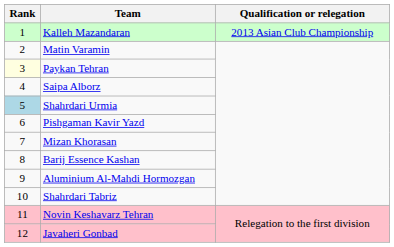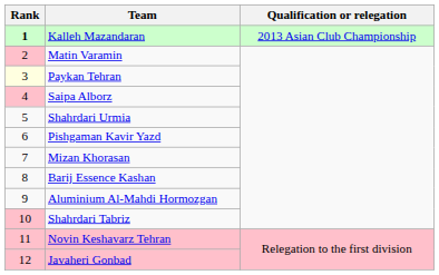 <table class="wikitable" style="text-align:center; font-size:90%">
 <tr>
 <th width=40>Rank</th>
 <th width=220>Team</th>
 <th width=220>Qualification or relegation</th>
 </tr>
 <tr bgcolor=ccffcc>
-<td>1</td>
+<td><strong>1</strong></td>
 <td align="left"><a href='#'>Kalleh Mazandaran</a></td>
 <td><a href='#'>2013 Asian Club Championship</a></td>
 </tr>
 <tr>
-<td>2</td>
+<td style="background: pink;">2</td>
 <td align="left"><a href='#'>Matin Varamin</a></td>
 <td rowspan=9></td>
 </tr>
 <tr>
 <td style="background: lightyellow;">3</td>
 <td align="left"><a href='#'>Paykan Tehran</a></td>
 </tr>
 <tr>
-<td>4</td>
+<td style="background: pink;">4</td>
 <td align="left"><a href='#'>Saipa Alborz</a></td>
 </tr>
 <tr>
-<td style="background: lightblue;">5</td>
+<td>5</td>
 <td align="left"><a href='#'>Shahrdari Urmia</a></td>
 </tr>
 <tr>
 <td>6</td>
 <td align="left"><a href='#'>Pishgaman Kavir Yazd</a></td>
 </tr>
 <tr>
 <td>7</td>
 <td align="left"><a href='#'>Mizan Khorasan</a></td>
 </tr>
 <tr>
 <td>8</td>
 <td align="left"><a href='#'>Barij Essence Kashan</a></td>
 </tr>
 <tr>
 <td>9</td>
 <td align="left"><a href='#'>Aluminium Al-Mahdi Hormozgan</a></td>
 </tr>
 <tr>
-<td>10</td>
+<td style="background: pink;">10</td>
 <td align="left"><a href='#'>Shahrdari Tabriz</a></td>
 </tr>
 <tr bgcolor=pink>
 <td>11</td>
 <td align="left"><a href='#'>Novin Keshavarz Tehran</a></td>
 <td rowspan=2>Relegation to the first division</td>
 </tr>
 <tr bgcolor=pink>
 <td>12</td>
 <td align="left"><a href='#'>Javaheri Gonbad</a></td>
 </tr>
 </table>
